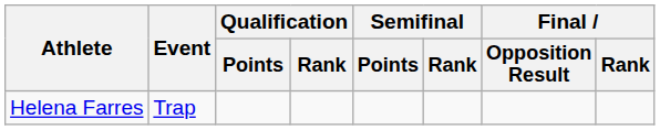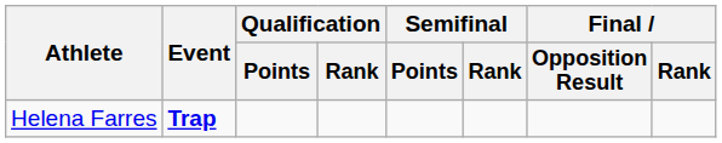 <table class=wikitable style=font-size:90%;text-align:center>
 <tr>
 <th rowspan=2>Athlete</th>
 <th rowspan=2>Event</th>
 <th colspan=2>Qualification</th>
 <th colspan=2>Semifinal</th>
 <th colspan=2>Final / </th>
 </tr>
 <tr style=font-size:95%>
 <th>Points</th>
 <th>Rank</th>
 <th>Points</th>
 <th>Rank</th>
 <th>Opposition<br>Result</th>
 <th>Rank</th>
 </tr>
 <tr>
 <td align=left><a href='#'>Helena Farres</a></td>
-<td align=left><a href='#'>Trap</a></td>
+<td align=left><strong><a href='#'>Trap</a></strong></td>
 <td></td>
 <td></td>
 <td></td>
 <td></td>
 <td></td>
 <td></td>
 </tr>
 </table>
